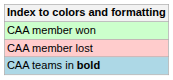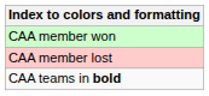 <table class="wikitable">
 <tr>
 <th>Index to colors and formatting</th>
 </tr>
 <tr bgcolor= #ccffcc>
 <td>CAA member won</td>
 </tr>
 <tr bgcolor=#ffcccc>
 <td>CAA member lost</td>
 </tr>
 <tr>
-<td style="background: lightblue;">CAA teams in <strong>bold</strong></td>
+<td>CAA teams in <strong>bold</strong></td>
 </tr>
 </table>
